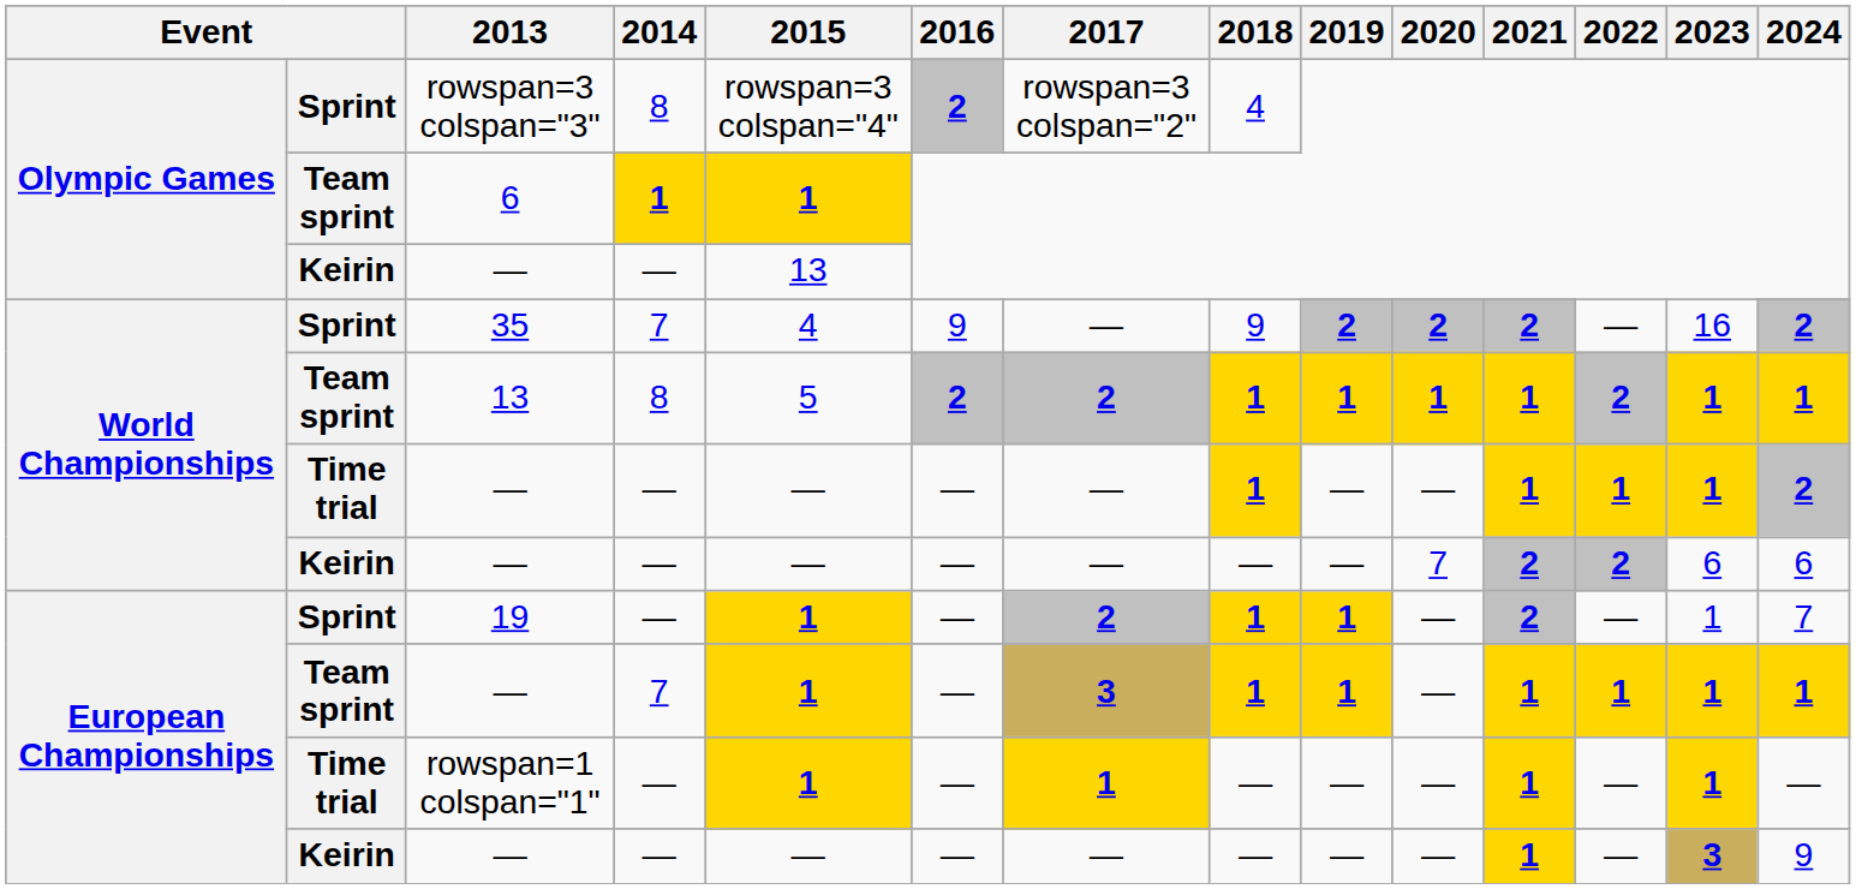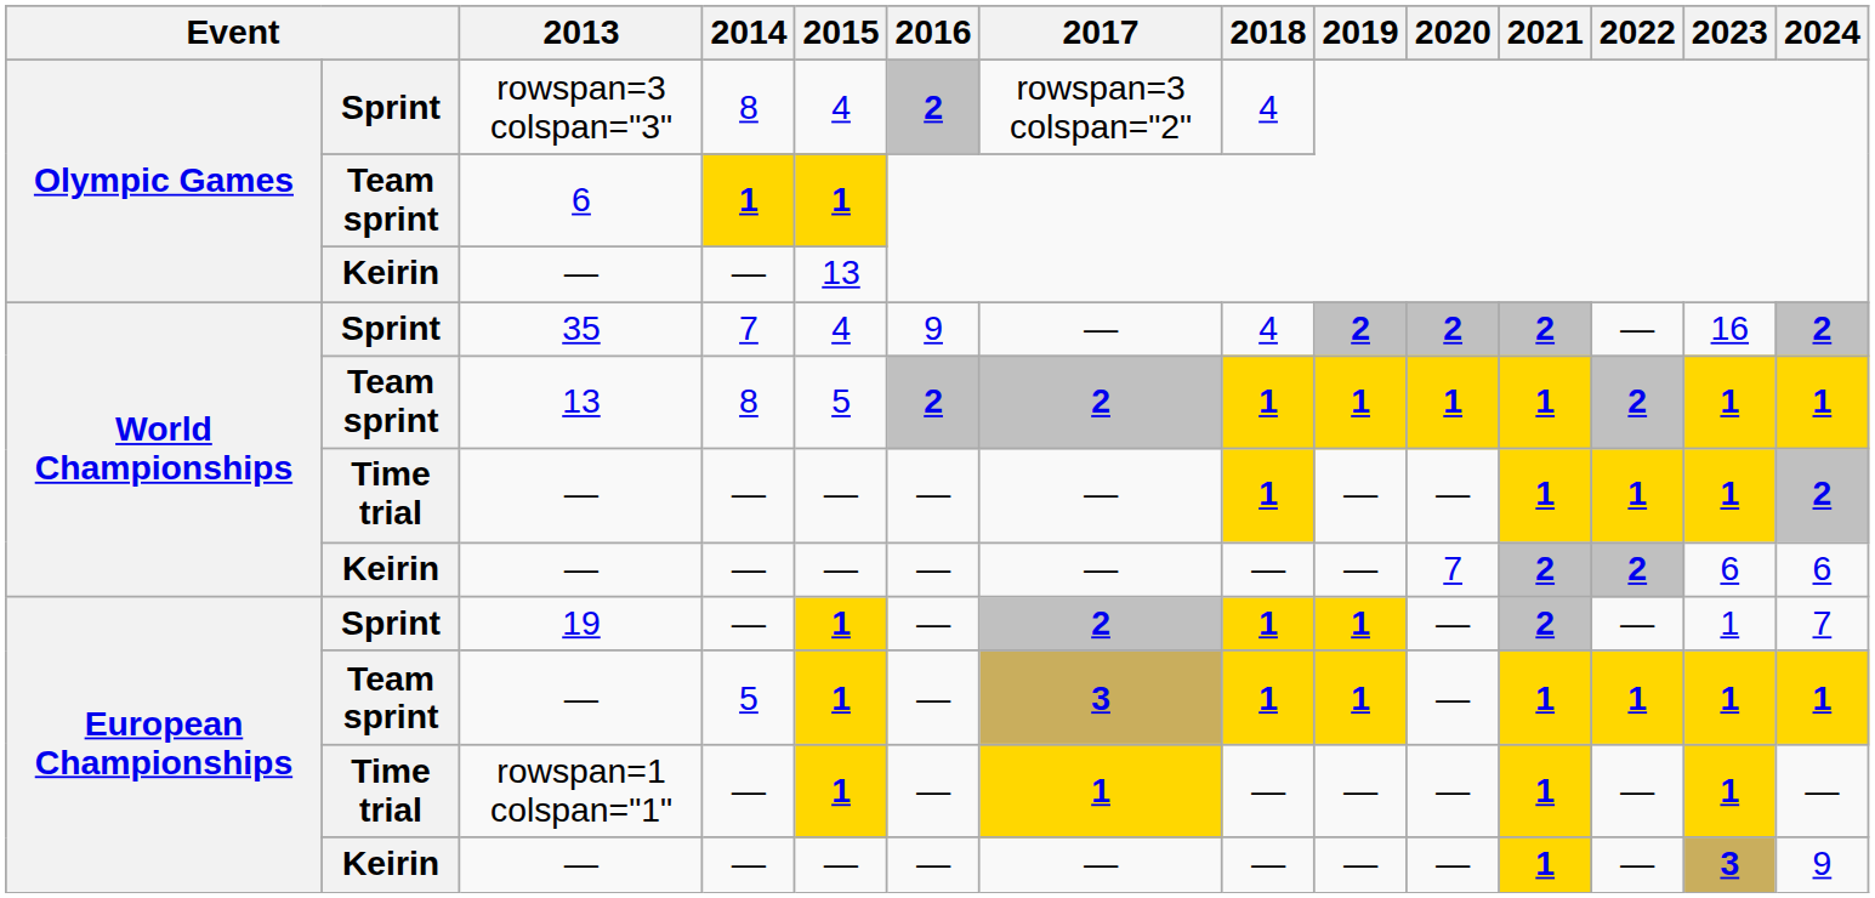 <table class="wikitable plainrowheaders">
 <tr>
 <th scope="col" colspan=2>Event</th>
 <th scope="col">2013</th>
 <th scope="col">2014</th>
 <th scope="col">2015</th>
 <th scope="col">2016</th>
 <th scope="col">2017</th>
 <th scope="col">2018</th>
 <th scope="col">2019</th>
 <th scope="col">2020</th>
 <th scope="col">2021</th>
 <th scope="col">2022</th>
 <th scope="col">2023</th>
 <th scope="col">2024</th>
 </tr>
 <tr style="text-align:center;">
 <th scope="row" rowspan=3> <a href='#'>Olympic Games</a></th>
 <th scope="row">Sprint</th>
 <td>rowspan=3 colspan="3" </td>
 <td><a href='#'>8</a></td>
-<td>rowspan=3 colspan="4" </td>
+<td><a href='#'>4</a></td>
 <th style="background:silver;"><a href='#'>2</a></th>
 <td>rowspan=3 colspan="2" </td>
 <td><a href='#'>4</a></td>
 </tr>
 <tr style="text-align:center;">
 <th scope="row">Team sprint</th>
 <td><a href='#'>6</a></td>
 <th style="background:gold;"><a href='#'>1</a></th>
 <th style="background:gold;"><a href='#'>1</a></th>
 </tr>
 <tr style="text-align:center;">
 <th scope="row">Keirin</th>
 <td>—</td>
 <td>—</td>
 <td><a href='#'>13</a></td>
 </tr>
 <tr style="text-align:center;">
 <th scope="row" rowspan=4> <a href='#'>World Championships</a></th>
 <th scope="row">Sprint</th>
 <td><a href='#'>35</a></td>
 <td><a href='#'>7</a></td>
 <td><a href='#'>4</a></td>
 <td><a href='#'>9</a></td>
 <td>—</td>
-<td><a href='#'>9</a></td>
+<td><a href='#'>4</a></td>
 <th style="background:silver;"><a href='#'>2</a></th>
 <th style="background:silver;"><a href='#'>2</a></th>
 <th style="background:silver;"><a href='#'>2</a></th>
 <td>—</td>
 <td><a href='#'>16</a></td>
 <th style="background:silver;"><a href='#'>2</a></th>
 </tr>
 <tr style="text-align:center;">
 <th scope="row">Team sprint</th>
 <td><a href='#'>13</a></td>
 <td><a href='#'>8</a></td>
 <td><a href='#'>5</a></td>
 <th style="background:silver;"><a href='#'>2</a></th>
 <th style="background:silver;"><a href='#'>2</a></th>
 <th style="background:gold;"><a href='#'>1</a></th>
 <th style="background:gold;"><a href='#'>1</a></th>
 <th style="background:gold;"><a href='#'>1</a></th>
 <th style="background:gold;"><a href='#'>1</a></th>
 <th style="background:silver;"><a href='#'>2</a></th>
 <th style="background:gold;"><a href='#'>1</a></th>
 <th style="background:gold;"><a href='#'>1</a></th>
 </tr>
 <tr style="text-align:center;">
 <th scope="row">Time trial</th>
 <td>—</td>
 <td>—</td>
 <td>—</td>
 <td>—</td>
 <td>—</td>
 <th style="background:gold;"><a href='#'>1</a></th>
 <td>—</td>
 <td>—</td>
 <th style="background:gold;"><a href='#'>1</a></th>
 <th style="background:gold;"><a href='#'>1</a></th>
 <th style="background:gold;"><a href='#'>1</a></th>
 <th style="background:silver;"><a href='#'>2</a></th>
 </tr>
 <tr style="text-align:center;">
 <th scope="row">Keirin</th>
 <td>—</td>
 <td>—</td>
 <td>—</td>
 <td>—</td>
 <td>—</td>
 <td>—</td>
 <td>—</td>
 <td><a href='#'>7</a></td>
 <th style="background:silver;"><a href='#'>2</a></th>
 <th style="background:silver;"><a href='#'>2</a></th>
 <td><a href='#'>6</a></td>
 <td><a href='#'>6</a></td>
 </tr>
 <tr style="text-align:center;">
 <th scope="row" rowspan=4> <a href='#'>European Championships</a></th>
 <th scope="row">Sprint</th>
 <td><a href='#'>19</a></td>
 <td>—</td>
 <th style="background:gold;"><a href='#'>1</a></th>
 <td>—</td>
 <th style="background:silver;"><a href='#'>2</a></th>
 <th style="background:gold;"><a href='#'>1</a></th>
 <th style="background:gold;"><a href='#'>1</a></th>
 <td>—</td>
 <th style="background:silver;"><a href='#'>2</a></th>
 <td>—</td>
 <td><a href='#'>1</a></td>
 <td><a href='#'>7</a></td>
 </tr>
 <tr style="text-align:center;">
 <th scope="row">Team sprint</th>
 <td>—</td>
-<td><a href='#'>7</a></td>
+<td><a href='#'>5</a></td>
 <th style="background:gold;"><a href='#'>1</a></th>
 <td>—</td>
 <th style="background:#C9AE5D;"><a href='#'>3</a></th>
 <th style="background:gold;"><a href='#'>1</a></th>
 <th style="background:gold;"><a href='#'>1</a></th>
 <td>—</td>
 <th style="background:gold;"><a href='#'>1</a></th>
 <th style="background:gold;"><a href='#'>1</a></th>
 <th style="background:gold;"><a href='#'>1</a></th>
 <th style="background:gold;"><a href='#'>1</a></th>
 </tr>
 <tr style="text-align:center;">
 <th scope="row">Time trial</th>
 <td>rowspan=1 colspan="1" </td>
 <td>—</td>
 <th style="background:gold;"><a href='#'>1</a></th>
 <td>—</td>
 <th style="background:gold;"><a href='#'>1</a></th>
 <td>—</td>
 <td>—</td>
 <td>—</td>
 <th style="background:gold;"><a href='#'>1</a></th>
 <td>—</td>
 <th style="background:gold;"><a href='#'>1</a></th>
 <td>—</td>
 </tr>
 <tr style="text-align:center;">
 <th scope="row">Keirin</th>
 <td>—</td>
 <td>—</td>
 <td>—</td>
 <td>—</td>
 <td>—</td>
 <td>—</td>
 <td>—</td>
 <td>—</td>
 <th style="background:gold;"><a href='#'>1</a></th>
 <td>—</td>
 <th style="background:#C9AE5D;"><a href='#'>3</a></th>
 <td><a href='#'>9</a></td>
 </tr>
 </table>
